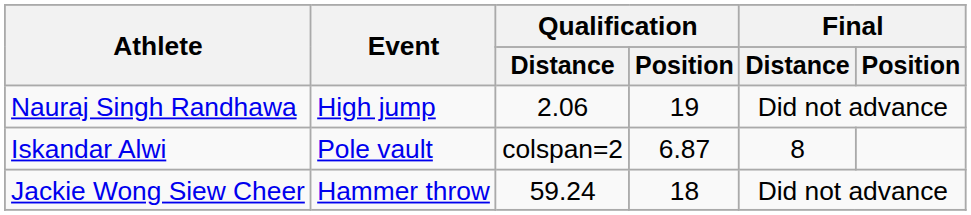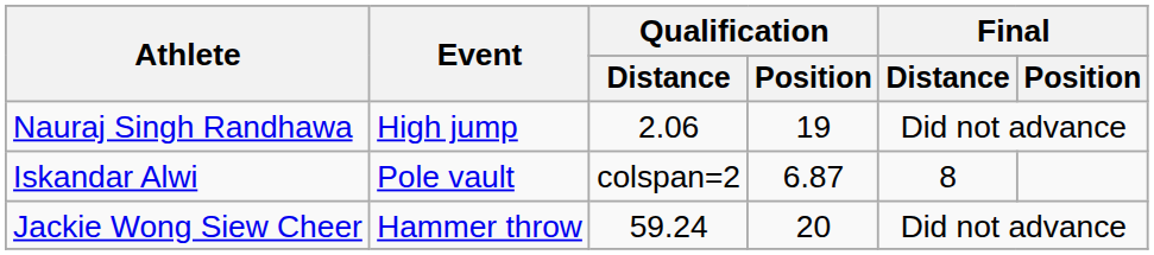 <table class=wikitable style="font-size:90%">
 <tr>
 <th rowspan="2">Athlete</th>
 <th rowspan="2">Event</th>
 <th colspan="2">Qualification</th>
 <th colspan="2">Final</th>
 </tr>
 <tr style="font-size:95%">
 <th>Distance</th>
 <th>Position</th>
 <th>Distance</th>
 <th>Position</th>
 </tr>
 <tr align=center>
 <td align=left><a href='#'>Nauraj Singh Randhawa</a></td>
 <td align=left><a href='#'>High jump</a></td>
 <td>2.06</td>
 <td>19</td>
 <td colspan=2>Did not advance</td>
 </tr>
 <tr align=center>
 <td align=left><a href='#'>Iskandar Alwi</a></td>
 <td align=left><a href='#'>Pole vault</a></td>
 <td>colspan=2 </td>
 <td>6.87</td>
 <td>8</td>
 </tr>
 <tr align=center>
 <td align=left><a href='#'>Jackie Wong Siew Cheer</a></td>
 <td align=left><a href='#'>Hammer throw</a></td>
 <td>59.24</td>
-<td>18</td>
+<td>20</td>
 <td colspan=2>Did not advance</td>
 </tr>
 </table>
